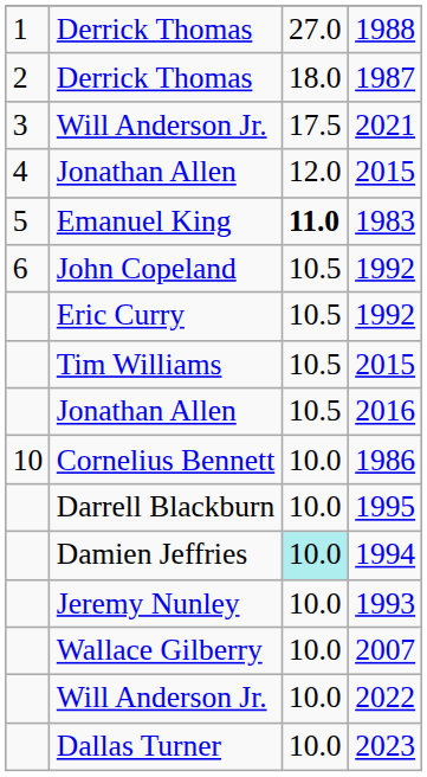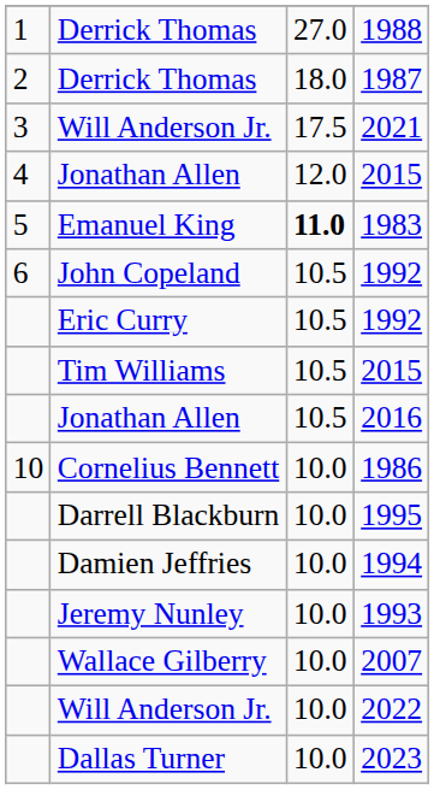 <table class="wikitable">
 <tr>
 </tr>
 <tr>
 <td>1</td>
 <td><a href='#'>Derrick Thomas</a></td>
 <td>27.0</td>
 <td><a href='#'>1988</a></td>
 </tr>
 <tr>
 <td>2</td>
 <td><a href='#'>Derrick Thomas</a></td>
 <td>18.0</td>
 <td><a href='#'>1987</a></td>
 </tr>
 <tr>
 <td>3</td>
 <td><a href='#'>Will Anderson Jr.</a></td>
 <td>17.5</td>
 <td><a href='#'>2021</a></td>
 </tr>
 <tr>
 <td>4</td>
 <td><a href='#'>Jonathan Allen</a></td>
 <td>12.0</td>
 <td><a href='#'>2015</a></td>
 </tr>
 <tr>
 <td>5</td>
 <td><a href='#'>Emanuel King</a></td>
 <td><strong>11.0</strong></td>
 <td><a href='#'>1983</a></td>
 </tr>
 <tr>
 <td>6</td>
 <td><a href='#'>John Copeland</a></td>
 <td>10.5</td>
 <td><a href='#'>1992</a></td>
 </tr>
 <tr>
 <td></td>
 <td><a href='#'>Eric Curry</a></td>
 <td>10.5</td>
 <td><a href='#'>1992</a></td>
 </tr>
 <tr>
 <td></td>
 <td><a href='#'>Tim Williams</a></td>
 <td>10.5</td>
 <td><a href='#'>2015</a></td>
 </tr>
 <tr>
 <td></td>
 <td><a href='#'>Jonathan Allen</a></td>
 <td>10.5</td>
 <td><a href='#'>2016</a></td>
 </tr>
 <tr>
 <td>10</td>
 <td><a href='#'>Cornelius Bennett</a></td>
 <td>10.0</td>
 <td><a href='#'>1986</a></td>
 </tr>
 <tr>
 <td></td>
 <td>Darrell Blackburn</td>
 <td>10.0</td>
 <td><a href='#'>1995</a></td>
 </tr>
 <tr>
 <td></td>
 <td>Damien Jeffries</td>
-<td style="background: paleturquoise;">10.0</td>
+<td>10.0</td>
 <td><a href='#'>1994</a></td>
 </tr>
 <tr>
 <td></td>
 <td><a href='#'>Jeremy Nunley</a></td>
 <td>10.0</td>
 <td><a href='#'>1993</a></td>
 </tr>
 <tr>
 <td></td>
 <td><a href='#'>Wallace Gilberry</a></td>
 <td>10.0</td>
 <td><a href='#'>2007</a></td>
 </tr>
 <tr>
 <td></td>
 <td><a href='#'>Will Anderson Jr.</a></td>
 <td>10.0</td>
 <td><a href='#'>2022</a></td>
 </tr>
 <tr>
 <td></td>
 <td><a href='#'>Dallas Turner</a></td>
 <td>10.0</td>
 <td><a href='#'>2023</a></td>
 </tr>
 </table>
